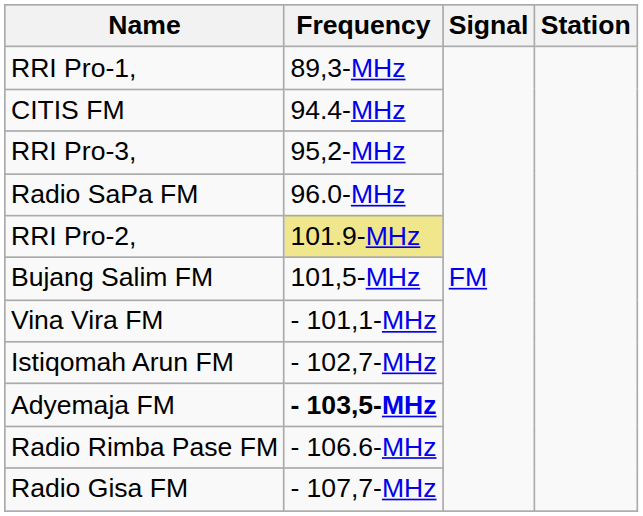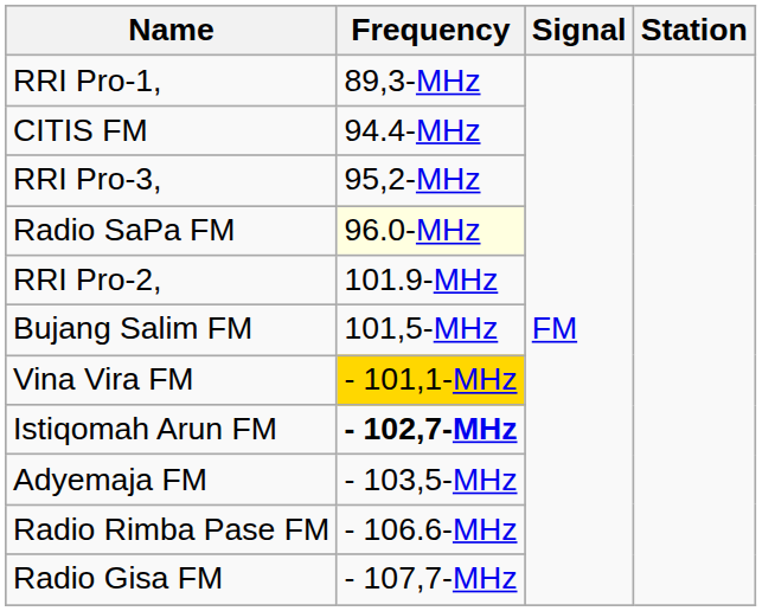 <table class="wikitable">
 <tr>
 <th>Name</th>
 <th>Frequency</th>
 <th>Signal</th>
 <th>Station</th>
 </tr>
 <tr>
 <td>RRI Pro-1,</td>
 <td>89,3-<a href='#'>MHz</a></td>
 <td rowspan=11><a href='#'>FM</a></td>
 </tr>
 <tr>
 <td>CITIS FM</td>
 <td>94.4-<a href='#'>MHz</a></td>
 </tr>
 <tr>
 <td>RRI Pro-3,</td>
 <td>95,2-<a href='#'>MHz</a></td>
 </tr>
 <tr>
 <td>Radio SaPa FM</td>
-<td>96.0-<a href='#'>MHz</a></td>
+<td style="background: lightyellow;">96.0-<a href='#'>MHz</a></td>
 </tr>
 <tr>
 <td>RRI Pro-2,</td>
-<td style="background: khaki;">101.9-<a href='#'>MHz</a></td>
+<td>101.9-<a href='#'>MHz</a></td>
 </tr>
 <tr>
 <td>Bujang Salim FM</td>
 <td>101,5-<a href='#'>MHz</a></td>
 </tr>
 <tr>
 <td>Vina Vira FM</td>
-<td>- 101,1-<a href='#'>MHz</a></td>
+<td style="background: gold;">- 101,1-<a href='#'>MHz</a></td>
 </tr>
 <tr>
 <td>Istiqomah Arun FM</td>
-<td>- 102,7-<a href='#'>MHz</a></td>
+<td><strong>- 102,7-<a href='#'>MHz</a></strong></td>
 </tr>
 <tr>
 <td>Adyemaja FM</td>
-<td><strong>- 103,5-<a href='#'>MHz</a></strong></td>
+<td>- 103,5-<a href='#'>MHz</a></td>
 </tr>
 <tr>
 <td>Radio Rimba Pase FM</td>
 <td>- 106.6-<a href='#'>MHz</a></td>
 </tr>
 <tr>
 <td>Radio Gisa FM</td>
 <td>- 107,7-<a href='#'>MHz</a></td>
 </tr>
 </table>
